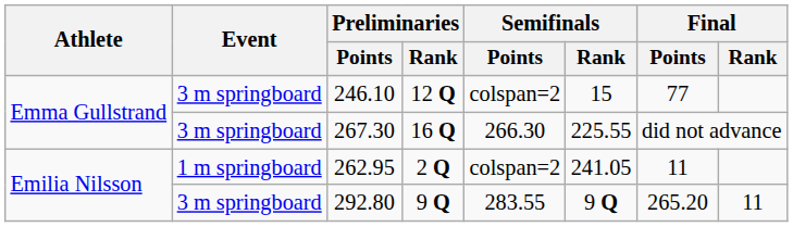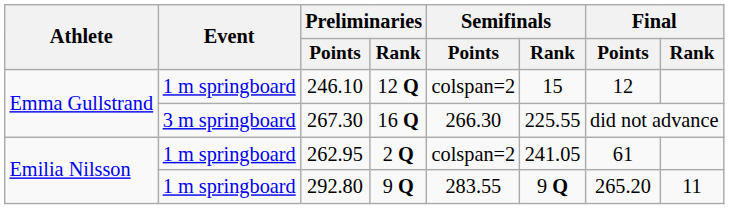 <table class="wikitable" style="text-align:center; font-size:90%">
 <tr>
 <th rowspan="2">Athlete</th>
 <th rowspan="2">Event</th>
 <th colspan="2">Preliminaries</th>
 <th colspan="2">Semifinals</th>
 <th colspan="2">Final</th>
 </tr>
 <tr style="font-size:95%">
 <th>Points</th>
 <th>Rank</th>
 <th>Points</th>
 <th>Rank</th>
 <th>Points</th>
 <th>Rank</th>
 </tr>
 <tr>
 <td align=left rowspan=2><a href='#'>Emma Gullstrand</a></td>
-<td align=left><a href='#'>3 m springboard</a></td>
+<td align=left><a href='#'>1 m springboard</a></td>
 <td>246.10</td>
 <td>12 <strong>Q</strong></td>
 <td>colspan=2 </td>
 <td>15</td>
-<td>77</td>
+<td>12</td>
 </tr>
 <tr>
 <td align=left><a href='#'>3 m springboard</a></td>
 <td>267.30</td>
 <td>16 <strong>Q</strong></td>
 <td>266.30</td>
 <td>225.55</td>
 <td colspan=2>did not advance</td>
 </tr>
 <tr>
 <td align=left rowspan=2><a href='#'>Emilia Nilsson</a></td>
 <td align=left><a href='#'>1 m springboard</a></td>
 <td>262.95</td>
 <td>2 <strong>Q</strong></td>
 <td>colspan=2 </td>
 <td>241.05</td>
-<td>11</td>
+<td>61</td>
 </tr>
 <tr>
-<td align=left><a href='#'>3 m springboard</a></td>
+<td align=left><a href='#'>1 m springboard</a></td>
 <td>292.80</td>
 <td>9 <strong>Q</strong></td>
 <td>283.55</td>
 <td>9 <strong>Q</strong></td>
 <td>265.20</td>
 <td>11</td>
 </tr>
 </table>
